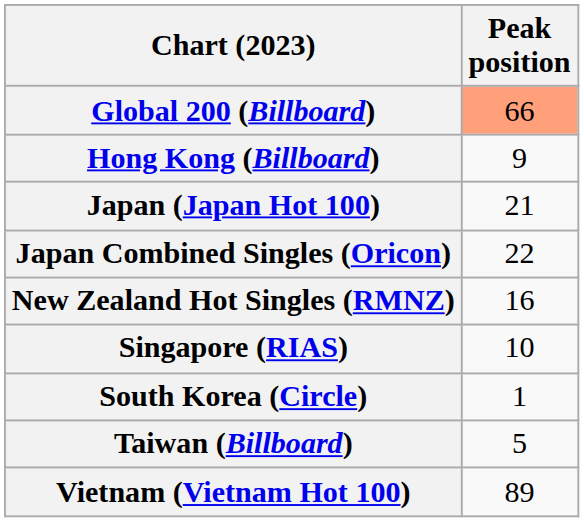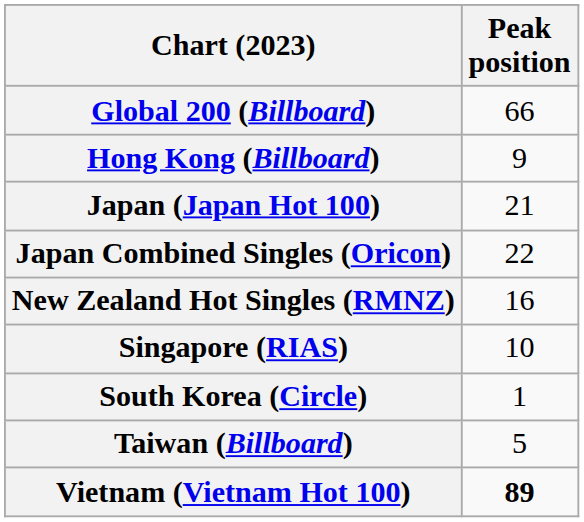 <table class="wikitable sortable plainrowheaders" style="text-align:center">
 <tr>
 <th scope="col">Chart (2023)</th>
 <th scope="col">Peak<br>position</th>
 </tr>
 <tr>
 <th scope="row"><a href='#'>Global 200</a> (<em><a href='#'>Billboard</a></em>)</th>
-<td style="background: lightsalmon;">66</td>
+<td>66</td>
 </tr>
 <tr>
 <th scope="row"><a href='#'>Hong Kong</a> (<em><a href='#'>Billboard</a></em>)</th>
 <td>9</td>
 </tr>
 <tr>
 <th scope="row">Japan (<a href='#'>Japan Hot 100</a>)</th>
 <td>21</td>
 </tr>
 <tr>
 <th scope="row">Japan Combined Singles (<a href='#'>Oricon</a>)</th>
 <td>22</td>
 </tr>
 <tr>
 <th scope="row">New Zealand Hot Singles (<a href='#'>RMNZ</a>)</th>
 <td>16</td>
 </tr>
 <tr>
 <th scope="row">Singapore (<a href='#'>RIAS</a>)</th>
 <td>10</td>
 </tr>
 <tr>
 <th scope="row">South Korea (<a href='#'>Circle</a>)</th>
 <td>1</td>
 </tr>
 <tr>
 <th scope="row">Taiwan (<em><a href='#'>Billboard</a></em>)</th>
 <td>5</td>
 </tr>
 <tr>
 <th scope="row">Vietnam (<a href='#'>Vietnam Hot 100</a>)</th>
-<td>89</td>
+<td><strong>89</strong></td>
 </tr>
 </table>
